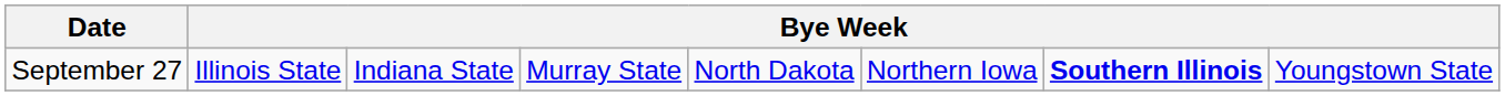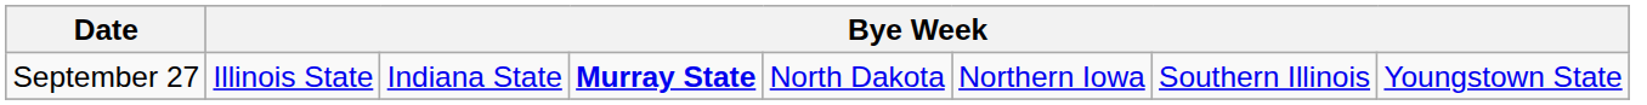 <table class="wikitable" style="font-size:95%;">
 <tr>
 <th>Date</th>
 <th colspan="7">Bye Week</th>
 </tr>
 <tr>
 <td>September 27</td>
 <td><a href='#'>Illinois State</a></td>
 <td><a href='#'>Indiana State</a></td>
-<td><a href='#'>Murray State</a></td>
+<td><strong><a href='#'>Murray State</a></strong></td>
 <td><a href='#'>North Dakota</a></td>
 <td><a href='#'>Northern Iowa</a></td>
-<td><strong><a href='#'>Southern Illinois</a></strong></td>
+<td><a href='#'>Southern Illinois</a></td>
 <td><a href='#'>Youngstown State</a></td>
 </tr>
 </table>
